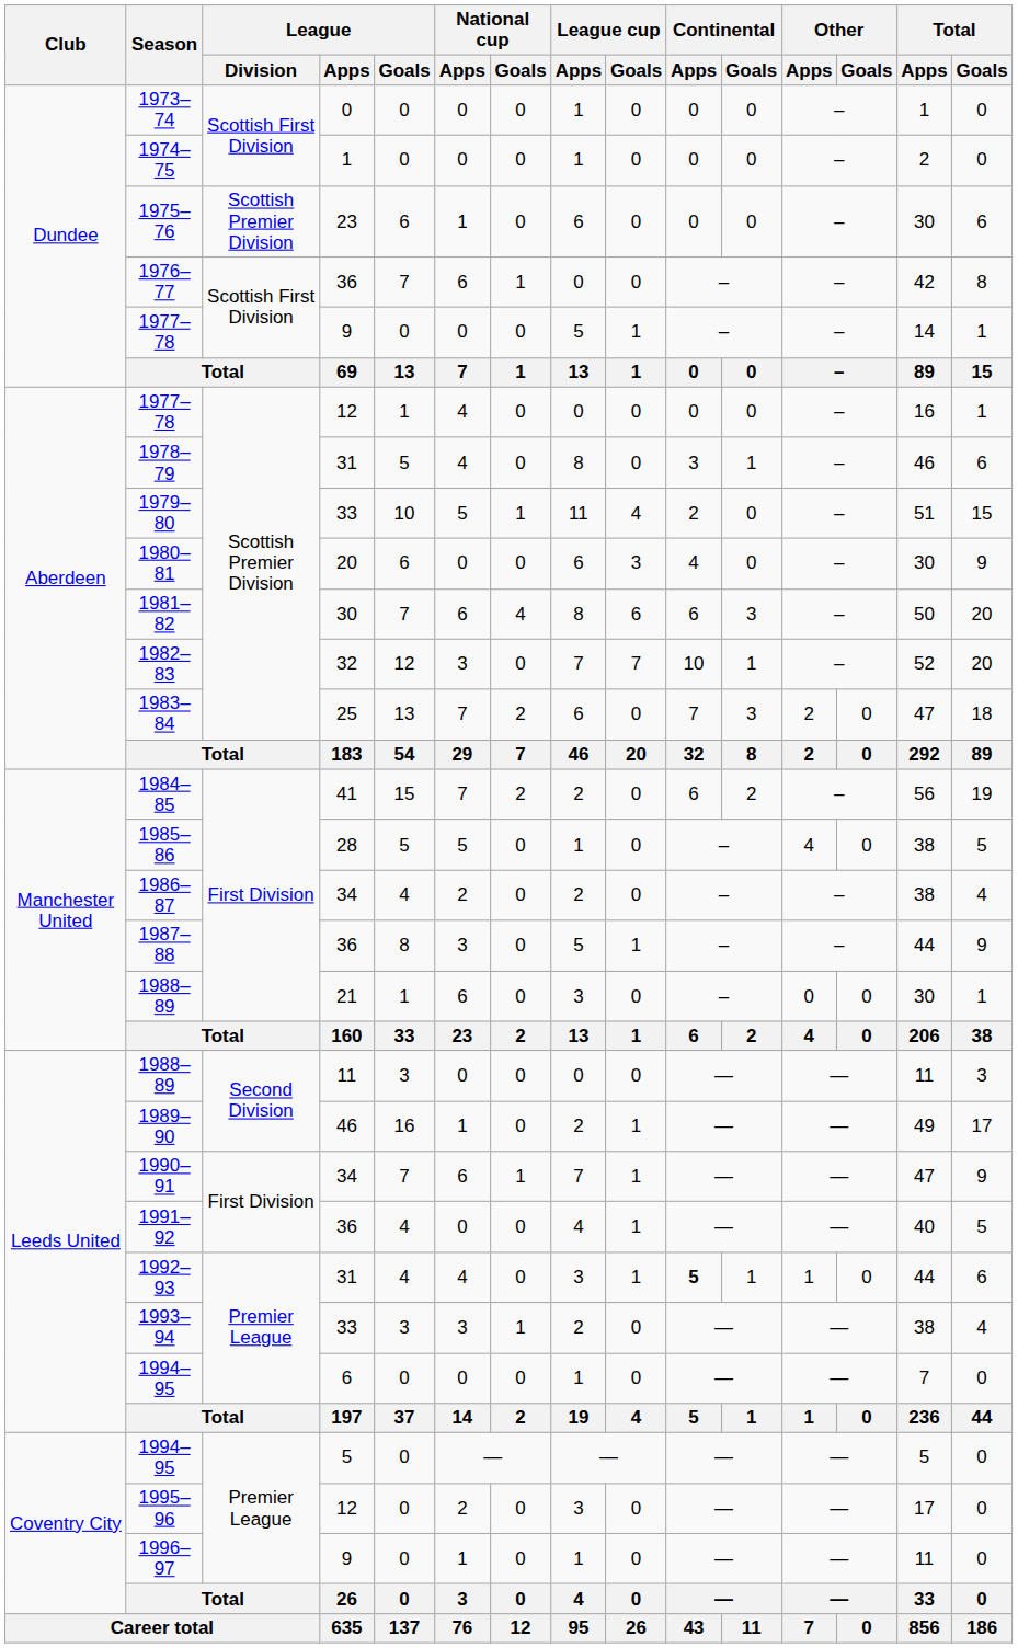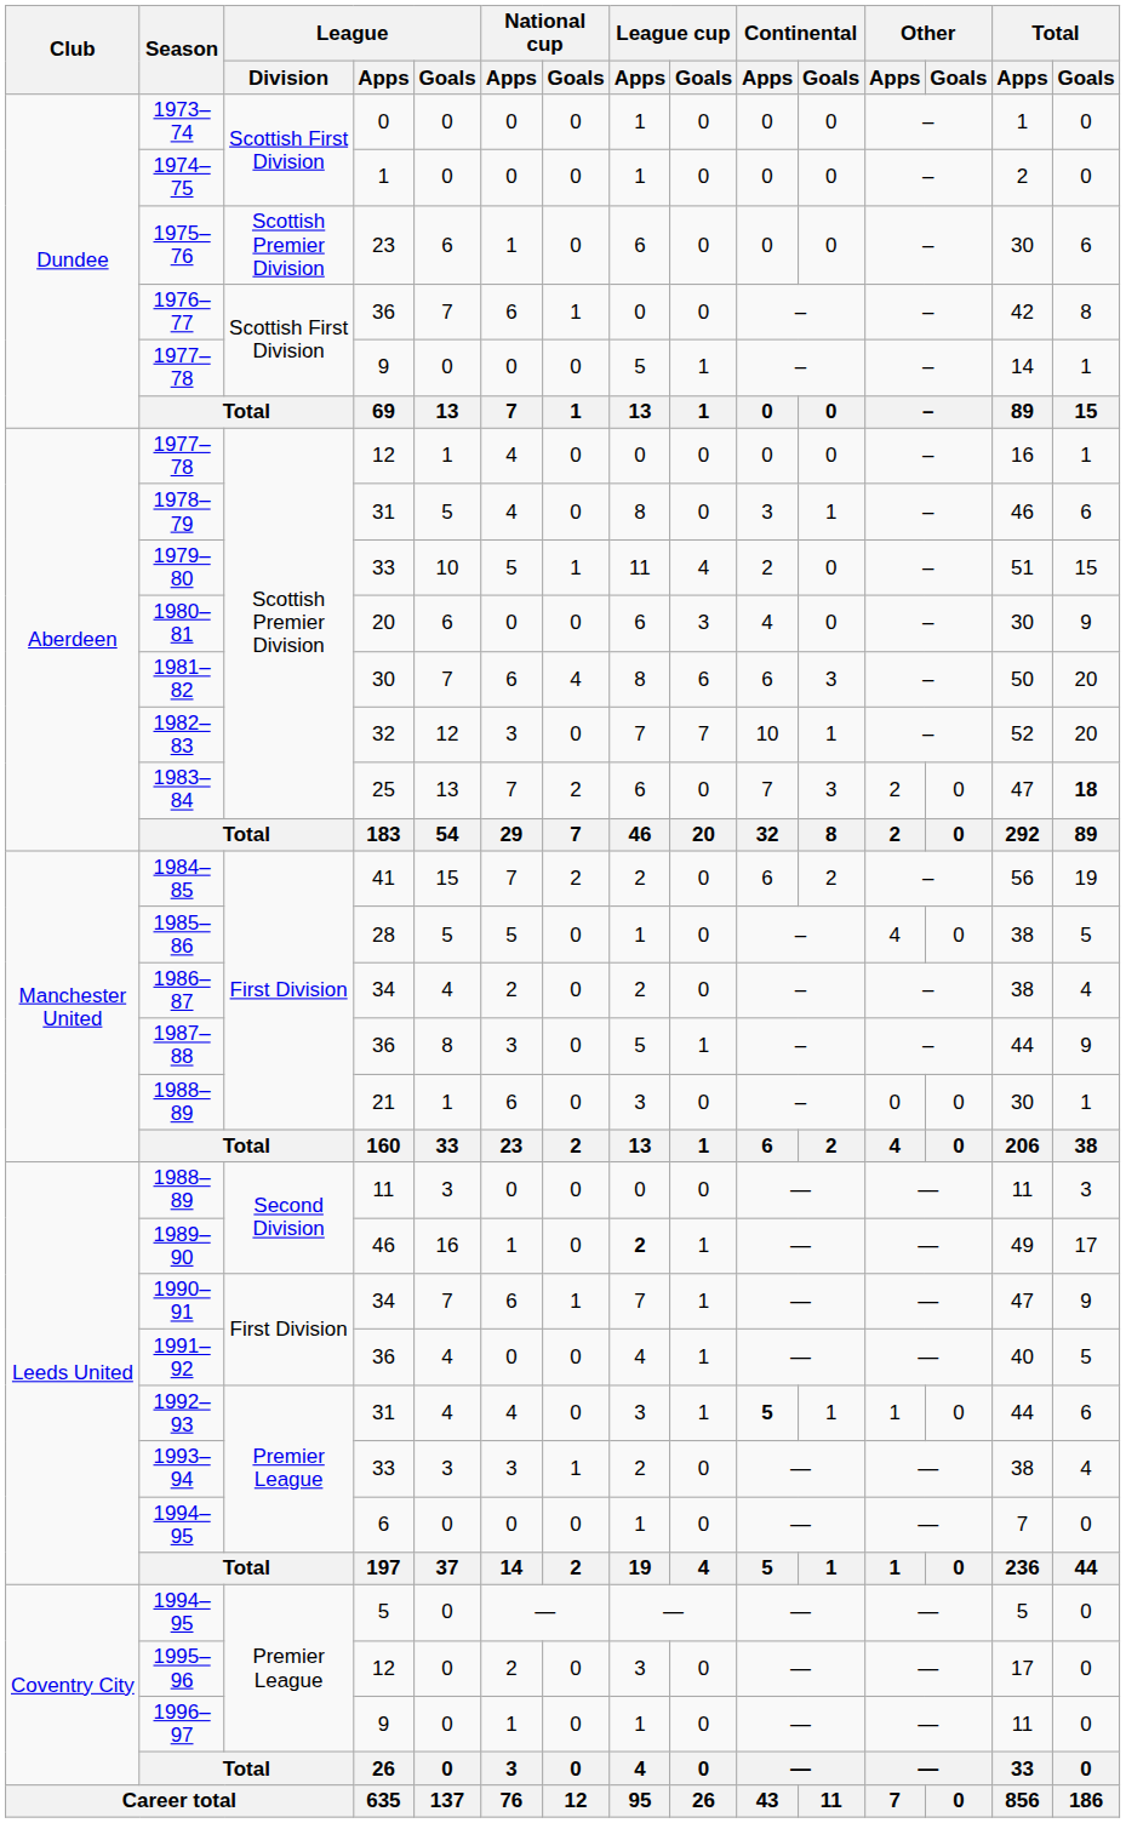 <table class="wikitable" style="text-align:center">
 <tr>
 <th rowspan="2">Club</th>
 <th rowspan="2">Season</th>
 <th colspan="3">League</th>
 <th colspan="2">National cup</th>
 <th colspan="2">League cup</th>
 <th colspan="2">Continental</th>
 <th colspan="2">Other</th>
 <th colspan="2">Total</th>
 </tr>
 <tr>
 <th>Division</th>
 <th>Apps</th>
 <th>Goals</th>
 <th>Apps</th>
 <th>Goals</th>
 <th>Apps</th>
 <th>Goals</th>
 <th>Apps</th>
 <th>Goals</th>
 <th>Apps</th>
 <th>Goals</th>
 <th>Apps</th>
 <th>Goals</th>
 </tr>
 <tr>
 <td rowspan="6"><a href='#'>Dundee</a></td>
 <td><a href='#'>1973–74</a></td>
 <td rowspan="2"><a href='#'>Scottish First Division</a></td>
 <td>0</td>
 <td>0</td>
 <td>0</td>
 <td>0</td>
 <td>1</td>
 <td>0</td>
 <td>0</td>
 <td>0</td>
 <td colspan="2">–</td>
 <td>1</td>
 <td>0</td>
 </tr>
 <tr>
 <td><a href='#'>1974–75</a></td>
 <td>1</td>
 <td>0</td>
 <td>0</td>
 <td>0</td>
 <td>1</td>
 <td>0</td>
 <td>0</td>
 <td>0</td>
 <td colspan="2">–</td>
 <td>2</td>
 <td>0</td>
 </tr>
 <tr>
 <td><a href='#'>1975–76</a></td>
 <td><a href='#'>Scottish Premier Division</a></td>
 <td>23</td>
 <td>6</td>
 <td>1</td>
 <td>0</td>
 <td>6</td>
 <td>0</td>
 <td>0</td>
 <td>0</td>
 <td colspan="2">–</td>
 <td>30</td>
 <td>6</td>
 </tr>
 <tr>
 <td><a href='#'>1976–77</a></td>
 <td rowspan="2">Scottish First Division</td>
 <td>36</td>
 <td>7</td>
 <td>6</td>
 <td>1</td>
 <td>0</td>
 <td>0</td>
 <td colspan="2">–</td>
 <td colspan="2">–</td>
 <td>42</td>
 <td>8</td>
 </tr>
 <tr>
 <td><a href='#'>1977–78</a></td>
 <td>9</td>
 <td>0</td>
 <td>0</td>
 <td>0</td>
 <td>5</td>
 <td>1</td>
 <td colspan="2">–</td>
 <td colspan="2">–</td>
 <td>14</td>
 <td>1</td>
 </tr>
 <tr>
 <th colspan="2">Total</th>
 <th>69</th>
 <th>13</th>
 <th>7</th>
 <th>1</th>
 <th>13</th>
 <th>1</th>
 <th>0</th>
 <th>0</th>
 <th colspan="2">–</th>
 <th>89</th>
 <th>15</th>
 </tr>
 <tr>
 <td rowspan="8"><a href='#'>Aberdeen</a></td>
 <td><a href='#'>1977–78</a></td>
 <td rowspan="7">Scottish Premier Division</td>
 <td>12</td>
 <td>1</td>
 <td>4</td>
 <td>0</td>
 <td>0</td>
 <td>0</td>
 <td>0</td>
 <td>0</td>
 <td colspan="2">–</td>
 <td>16</td>
 <td>1</td>
 </tr>
 <tr>
 <td><a href='#'>1978–79</a></td>
 <td>31</td>
 <td>5</td>
 <td>4</td>
 <td>0</td>
 <td>8</td>
 <td>0</td>
 <td>3</td>
 <td>1</td>
 <td colspan="2">–</td>
 <td>46</td>
 <td>6</td>
 </tr>
 <tr>
 <td><a href='#'>1979–80</a></td>
 <td>33</td>
 <td>10</td>
 <td>5</td>
 <td>1</td>
 <td>11</td>
 <td>4</td>
 <td>2</td>
 <td>0</td>
 <td colspan="2">–</td>
 <td>51</td>
 <td>15</td>
 </tr>
 <tr>
 <td><a href='#'>1980–81</a></td>
 <td>20</td>
 <td>6</td>
 <td>0</td>
 <td>0</td>
 <td>6</td>
 <td>3</td>
 <td>4</td>
 <td>0</td>
 <td colspan="2">–</td>
 <td>30</td>
 <td>9</td>
 </tr>
 <tr>
 <td><a href='#'>1981–82</a></td>
 <td>30</td>
 <td>7</td>
 <td>6</td>
 <td>4</td>
 <td>8</td>
 <td>6</td>
 <td>6</td>
 <td>3</td>
 <td colspan="2">–</td>
 <td>50</td>
 <td>20</td>
 </tr>
 <tr>
 <td><a href='#'>1982–83</a></td>
 <td>32</td>
 <td>12</td>
 <td>3</td>
 <td>0</td>
 <td>7</td>
 <td>7</td>
 <td>10</td>
 <td>1</td>
 <td colspan="2">–</td>
 <td>52</td>
 <td>20</td>
 </tr>
 <tr>
 <td><a href='#'>1983–84</a></td>
 <td>25</td>
 <td>13</td>
 <td>7</td>
 <td>2</td>
 <td>6</td>
 <td>0</td>
 <td>7</td>
 <td>3</td>
 <td>2</td>
 <td>0</td>
 <td>47</td>
-<td>18</td>
+<td><strong>18</strong></td>
 </tr>
 <tr>
 <th colspan="2">Total</th>
 <th>183</th>
 <th>54</th>
 <th>29</th>
 <th>7</th>
 <th>46</th>
 <th>20</th>
 <th>32</th>
 <th>8</th>
 <th>2</th>
 <th>0</th>
 <th>292</th>
 <th>89</th>
 </tr>
 <tr>
 <td rowspan="6"><a href='#'>Manchester United</a></td>
 <td><a href='#'>1984–85</a></td>
 <td rowspan="5"><a href='#'>First Division</a></td>
 <td>41</td>
 <td>15</td>
 <td>7</td>
 <td>2</td>
 <td>2</td>
 <td>0</td>
 <td>6</td>
 <td>2</td>
 <td colspan="2">–</td>
 <td>56</td>
 <td>19</td>
 </tr>
 <tr>
 <td><a href='#'>1985–86</a></td>
 <td>28</td>
 <td>5</td>
 <td>5</td>
 <td>0</td>
 <td>1</td>
 <td>0</td>
 <td colspan="2">–</td>
 <td>4</td>
 <td>0</td>
 <td>38</td>
 <td>5</td>
 </tr>
 <tr>
 <td><a href='#'>1986–87</a></td>
 <td>34</td>
 <td>4</td>
 <td>2</td>
 <td>0</td>
 <td>2</td>
 <td>0</td>
 <td colspan="2">–</td>
 <td colspan="2">–</td>
 <td>38</td>
 <td>4</td>
 </tr>
 <tr>
 <td><a href='#'>1987–88</a></td>
 <td>36</td>
 <td>8</td>
 <td>3</td>
 <td>0</td>
 <td>5</td>
 <td>1</td>
 <td colspan="2">–</td>
 <td colspan="2">–</td>
 <td>44</td>
 <td>9</td>
 </tr>
 <tr>
 <td><a href='#'>1988–89</a></td>
 <td>21</td>
 <td>1</td>
 <td>6</td>
 <td>0</td>
 <td>3</td>
 <td>0</td>
 <td colspan="2">–</td>
 <td>0</td>
 <td>0</td>
 <td>30</td>
 <td>1</td>
 </tr>
 <tr>
 <th colspan="2">Total</th>
 <th>160</th>
 <th>33</th>
 <th>23</th>
 <th>2</th>
 <th>13</th>
 <th>1</th>
 <th>6</th>
 <th>2</th>
 <th>4</th>
 <th>0</th>
 <th>206</th>
 <th>38</th>
 </tr>
 <tr>
 <td rowspan="8"><a href='#'>Leeds United</a></td>
 <td><a href='#'>1988–89</a></td>
 <td rowspan="2"><a href='#'>Second Division</a></td>
 <td>11</td>
 <td>3</td>
 <td>0</td>
 <td>0</td>
 <td>0</td>
 <td>0</td>
 <td colspan="2">—</td>
 <td colspan="2">—</td>
 <td>11</td>
 <td>3</td>
 </tr>
 <tr>
 <td><a href='#'>1989–90</a></td>
 <td>46</td>
 <td>16</td>
 <td>1</td>
 <td>0</td>
-<td>2</td>
+<td><strong>2</strong></td>
 <td>1</td>
 <td colspan="2">—</td>
 <td colspan="2">—</td>
 <td>49</td>
 <td>17</td>
 </tr>
 <tr>
 <td><a href='#'>1990–91</a></td>
 <td rowspan="2">First Division</td>
 <td>34</td>
 <td>7</td>
 <td>6</td>
 <td>1</td>
 <td>7</td>
 <td>1</td>
 <td colspan="2">—</td>
 <td colspan="2">—</td>
 <td>47</td>
 <td>9</td>
 </tr>
 <tr>
 <td><a href='#'>1991–92</a></td>
 <td>36</td>
 <td>4</td>
 <td>0</td>
 <td>0</td>
 <td>4</td>
 <td>1</td>
 <td colspan="2">—</td>
 <td colspan="2">—</td>
 <td>40</td>
 <td>5</td>
 </tr>
 <tr>
 <td><a href='#'>1992–93</a></td>
 <td rowspan="3"><a href='#'>Premier League</a></td>
 <td>31</td>
 <td>4</td>
 <td>4</td>
 <td>0</td>
 <td>3</td>
 <td>1</td>
 <td><strong>5</strong></td>
 <td>1</td>
 <td>1</td>
 <td>0</td>
 <td>44</td>
 <td>6</td>
 </tr>
 <tr>
 <td><a href='#'>1993–94</a></td>
 <td>33</td>
 <td>3</td>
 <td>3</td>
 <td>1</td>
 <td>2</td>
 <td>0</td>
 <td colspan="2">—</td>
 <td colspan="2">—</td>
 <td>38</td>
 <td>4</td>
 </tr>
 <tr>
 <td><a href='#'>1994–95</a></td>
 <td>6</td>
 <td>0</td>
 <td>0</td>
 <td>0</td>
 <td>1</td>
 <td>0</td>
 <td colspan="2">—</td>
 <td colspan="2">—</td>
 <td>7</td>
 <td>0</td>
 </tr>
 <tr>
 <th colspan="2">Total</th>
 <th>197</th>
 <th>37</th>
 <th>14</th>
 <th>2</th>
 <th>19</th>
 <th>4</th>
 <th>5</th>
 <th>1</th>
 <th>1</th>
 <th>0</th>
 <th>236</th>
 <th>44</th>
 </tr>
 <tr>
 <td rowspan="4"><a href='#'>Coventry City</a></td>
 <td><a href='#'>1994–95</a></td>
 <td rowspan="3">Premier League</td>
 <td>5</td>
 <td>0</td>
 <td colspan="2">—</td>
 <td colspan="2">—</td>
 <td colspan="2">—</td>
 <td colspan="2">—</td>
 <td>5</td>
 <td>0</td>
 </tr>
 <tr>
 <td><a href='#'>1995–96</a></td>
 <td>12</td>
 <td>0</td>
 <td>2</td>
 <td>0</td>
 <td>3</td>
 <td>0</td>
 <td colspan="2">—</td>
 <td colspan="2">—</td>
 <td>17</td>
 <td>0</td>
 </tr>
 <tr>
 <td><a href='#'>1996–97</a></td>
 <td>9</td>
 <td>0</td>
 <td>1</td>
 <td>0</td>
 <td>1</td>
 <td>0</td>
 <td colspan="2">—</td>
 <td colspan="2">—</td>
 <td>11</td>
 <td>0</td>
 </tr>
 <tr>
 <th colspan="2">Total</th>
 <th>26</th>
 <th>0</th>
 <th>3</th>
 <th>0</th>
 <th>4</th>
 <th>0</th>
 <th colspan="2">—</th>
 <th colspan="2">—</th>
 <th>33</th>
 <th>0</th>
 </tr>
 <tr>
 <th colspan="3">Career total</th>
 <th>635</th>
 <th>137</th>
 <th>76</th>
 <th>12</th>
 <th>95</th>
 <th>26</th>
 <th>43</th>
 <th>11</th>
 <th>7</th>
 <th>0</th>
 <th>856</th>
 <th>186</th>
 </tr>
 </table>
